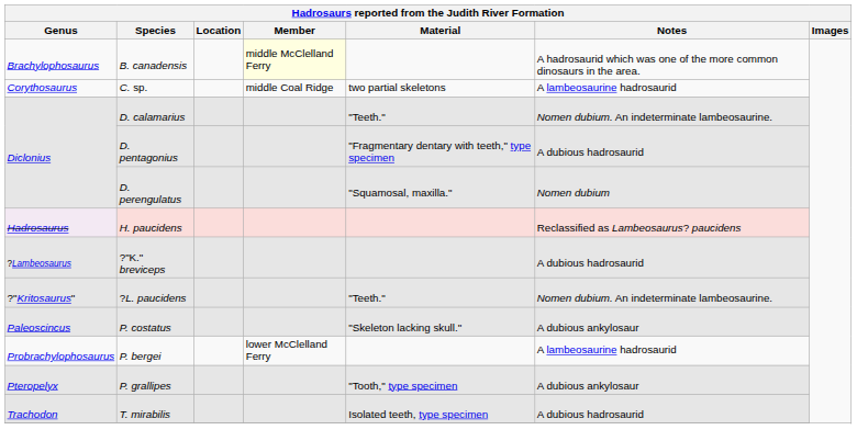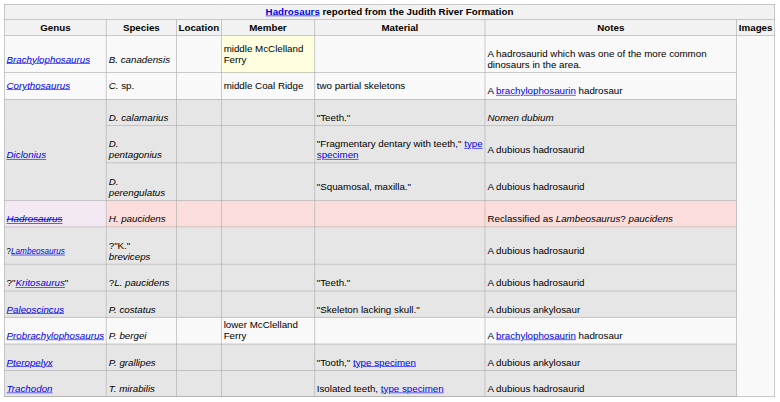 <table class="wikitable" align="center" width="100%">
 <tr>
 <th colspan="8" align="center"><strong><a href='#'>Hadrosaurs</a> reported from the Judith River Formation</strong></th>
 </tr>
 <tr>
 <th>Genus</th>
 <th>Species</th>
 <th>Location</th>
 <th>Member</th>
 <th>Material</th>
 <th>Notes</th>
 <th>Images</th>
 </tr>
 <tr>
 <td><br><em><a href='#'>Brachylophosaurus</a></em></td>
 <td><br><em>B. canadensis</em></td>
 <td></td>
 <td style="background: lightyellow;">middle McClelland Ferry</td>
 <td></td>
 <td><br>A hadrosaurid which was one of the more common dinosaurs in the area.</td>
 <td rowspan="103"><br> </td>
 </tr>
 <tr>
 <td><em><a href='#'>Corythosaurus</a></em></td>
 <td><em>C.</em> sp.</td>
 <td></td>
 <td>middle Coal Ridge</td>
 <td>two partial skeletons</td>
-<td>A <a href='#'>lambeosaurine</a> hadrosaurid</td>
+<td><br>A <a href='#'>brachylophosaurin</a> hadrosaur</td>
 </tr>
 <tr>
 <td rowspan="3" style="background:#E6E6E6;"><br><em><a href='#'>Diclonius</a></em></td>
 <td style="background:#E6E6E6;"><br><em>D. calamarius</em></td>
 <td style="background:#E6E6E6;"></td>
 <td style="background:#E6E6E6;"></td>
 <td style="background:#E6E6E6;"><br>"Teeth."</td>
-<td style="background:#E6E6E6;"><br><em>Nomen</em> <em>dubium.</em> An indeterminate lambeosaurine.</td>
+<td style="background:#E6E6E6;"><br><em>Nomen dubium</em></td>
 </tr>
 <tr>
 <td style="background:#E6E6E6;"><br><em>D. pentagonius</em></td>
 <td style="background:#E6E6E6;"></td>
 <td style="background:#E6E6E6;"></td>
 <td style="background:#E6E6E6;"><br>"Fragmentary dentary with teeth," <a href='#'>type specimen</a></td>
 <td style="background:#E6E6E6;"><br>A dubious hadrosaurid</td>
 </tr>
 <tr>
 <td style="background:#E6E6E6;"><br><em>D. perengulatus</em></td>
 <td style="background:#E6E6E6;"></td>
 <td style="background:#E6E6E6;"></td>
 <td style="background:#E6E6E6;"><br>"Squamosal, maxilla."</td>
-<td style="background:#E6E6E6;"><br><em>Nomen dubium</em></td>
+<td style="background:#E6E6E6;"><br>A dubious hadrosaurid</td>
 </tr>
 <tr>
 <td style="background:#f3e9f3;"><br><s><em><a href='#'>Hadrosaurus</a></em></s></td>
 <td style="background:#fbdddb;"><br><em>H. paucidens</em></td>
 <td style="background:#fbdddb;"></td>
 <td style="background:#fbdddb;"></td>
 <td style="background:#fbdddb;"></td>
 <td style="background:#fbdddb;"><br>Reclassified as <em>Lambeosaurus</em>? <em>paucidens</em></td>
 </tr>
 <tr>
 <td style="background:#E6E6E6;"><br><small>?<em><a href='#'>Lambeosaurus</a></em></small></td>
 <td style="background:#E6E6E6;"><br>?"K." <em>breviceps</em></td>
 <td style="background:#E6E6E6;"></td>
 <td style="background:#E6E6E6;"></td>
 <td style="background:#E6E6E6;"></td>
 <td style="background:#E6E6E6;"><br>A dubious hadrosaurid</td>
 </tr>
 <tr>
 <td style="background:#E6E6E6;"><br>?"<em><a href='#'>Kritosaurus</a></em>"</td>
 <td style="background:#E6E6E6;"><br>?<em>L. paucidens</em></td>
 <td style="background:#E6E6E6;"></td>
 <td style="background:#E6E6E6;"></td>
 <td style="background:#E6E6E6;"><br>"Teeth."</td>
-<td style="background:#E6E6E6;"><br><em>Nomen</em> <em>dubium.</em> An indeterminate lambeosaurine.</td>
+<td style="background:#E6E6E6;"><br>A dubious hadrosaurid</td>
 </tr>
 <tr>
 <td style="background:#E6E6E6;"><br><em><a href='#'>Paleoscincus</a></em></td>
 <td style="background:#E6E6E6;"><br><em>P. costatus</em></td>
 <td style="background:#E6E6E6;"></td>
 <td style="background:#E6E6E6;"></td>
 <td style="background:#E6E6E6;"><br>"Skeleton lacking skull."</td>
 <td style="background:#E6E6E6;"><br>A dubious ankylosaur</td>
 </tr>
 <tr>
 <td><br><em><a href='#'>Probrachylophosaurus</a></em></td>
 <td><br><em>P. bergei</em></td>
 <td></td>
 <td>lower McClelland Ferry</td>
 <td></td>
-<td>A <a href='#'>lambeosaurine</a> hadrosaurid</td>
+<td><br>A <a href='#'>brachylophosaurin</a> hadrosaur</td>
 </tr>
 <tr>
 <td style="background:#E6E6E6;"><br><em><a href='#'>Pteropelyx</a></em></td>
 <td style="background:#E6E6E6;"><br><em>P. grallipes</em></td>
 <td style="background:#E6E6E6;"></td>
 <td style="background:#E6E6E6;"></td>
 <td style="background:#E6E6E6;"><br>"Tooth," <a href='#'>type specimen</a></td>
 <td style="background:#E6E6E6;"><br>A dubious ankylosaur</td>
 </tr>
 <tr>
 <td style="background:#E6E6E6;"><br><em><a href='#'>Trachodon</a></em></td>
 <td style="background:#E6E6E6;"><br><em>T. mirabilis</em></td>
 <td style="background:#E6E6E6;"></td>
 <td style="background:#E6E6E6;"></td>
 <td style="background:#E6E6E6;"><br>Isolated teeth, <a href='#'>type specimen</a></td>
 <td style="background:#E6E6E6;"><br>A dubious hadrosaurid</td>
 </tr>
 <tr>
 </tr>
 </table>
